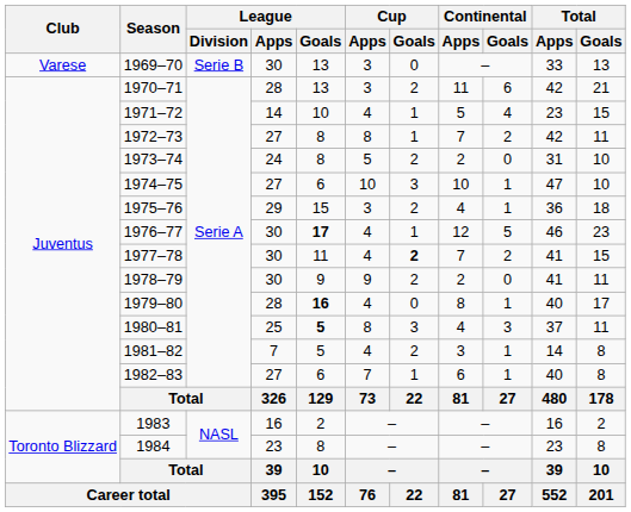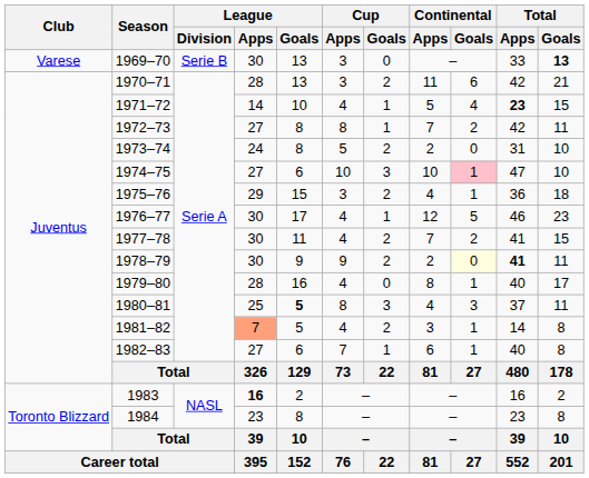 <table class="wikitable" style="text-align:center">
 <tr>
 <th rowspan="2">Club</th>
 <th rowspan="2">Season</th>
 <th colspan="3">League</th>
 <th colspan="2">Cup</th>
 <th colspan="2">Continental</th>
 <th colspan="2">Total</th>
 </tr>
 <tr>
 <th>Division</th>
 <th>Apps</th>
 <th>Goals</th>
 <th>Apps</th>
 <th>Goals</th>
 <th>Apps</th>
 <th>Goals</th>
 <th>Apps</th>
 <th>Goals</th>
 </tr>
 <tr>
 <td><a href='#'>Varese</a></td>
 <td>1969–70</td>
 <td><a href='#'>Serie B</a></td>
 <td>30</td>
 <td>13</td>
 <td>3</td>
 <td>0</td>
 <td colspan="2">–</td>
 <td>33</td>
-<td>13</td>
+<td><strong>13</strong></td>
 </tr>
 <tr>
 <td rowspan="14"><a href='#'>Juventus</a></td>
 <td>1970–71</td>
 <td rowspan="13"><a href='#'>Serie A</a></td>
 <td>28</td>
 <td>13</td>
 <td>3</td>
 <td>2</td>
 <td>11</td>
 <td>6</td>
 <td>42</td>
 <td>21</td>
 </tr>
 <tr>
 <td>1971–72</td>
 <td>14</td>
 <td>10</td>
 <td>4</td>
 <td>1</td>
 <td>5</td>
 <td>4</td>
-<td>23</td>
+<td><strong>23</strong></td>
 <td>15</td>
 </tr>
 <tr>
 <td>1972–73</td>
 <td>27</td>
 <td>8</td>
 <td>8</td>
 <td>1</td>
 <td>7</td>
 <td>2</td>
 <td>42</td>
 <td>11</td>
 </tr>
 <tr>
 <td>1973–74</td>
 <td>24</td>
 <td>8</td>
 <td>5</td>
 <td>2</td>
 <td>2</td>
 <td>0</td>
 <td>31</td>
 <td>10</td>
 </tr>
 <tr>
 <td>1974–75</td>
 <td>27</td>
 <td>6</td>
 <td>10</td>
 <td>3</td>
 <td>10</td>
-<td>1</td>
+<td style="background: pink;">1</td>
 <td>47</td>
 <td>10</td>
 </tr>
 <tr>
 <td>1975–76</td>
 <td>29</td>
 <td>15</td>
 <td>3</td>
 <td>2</td>
 <td>4</td>
 <td>1</td>
 <td>36</td>
 <td>18</td>
 </tr>
 <tr>
 <td>1976–77</td>
 <td>30</td>
-<td><strong>17</strong></td>
+<td>17</td>
 <td>4</td>
 <td>1</td>
 <td>12</td>
 <td>5</td>
 <td>46</td>
 <td>23</td>
 </tr>
 <tr>
 <td>1977–78</td>
 <td>30</td>
 <td>11</td>
 <td>4</td>
-<td><strong>2</strong></td>
+<td>2</td>
 <td>7</td>
 <td>2</td>
 <td>41</td>
 <td>15</td>
 </tr>
 <tr>
 <td>1978–79</td>
 <td>30</td>
 <td>9</td>
 <td>9</td>
 <td>2</td>
 <td>2</td>
-<td>0</td>
-<td>41</td>
+<td style="background: lightyellow;">0</td>
+<td><strong>41</strong></td>
 <td>11</td>
 </tr>
 <tr>
 <td>1979–80</td>
 <td>28</td>
-<td><strong>16</strong></td>
+<td>16</td>
 <td>4</td>
 <td>0</td>
 <td>8</td>
 <td>1</td>
 <td>40</td>
 <td>17</td>
 </tr>
 <tr>
 <td>1980–81</td>
 <td>25</td>
 <td><strong>5</strong></td>
 <td>8</td>
 <td>3</td>
 <td>4</td>
 <td>3</td>
 <td>37</td>
 <td>11</td>
 </tr>
 <tr>
 <td>1981–82</td>
-<td>7</td>
+<td style="background: lightsalmon;">7</td>
 <td>5</td>
 <td>4</td>
 <td>2</td>
 <td>3</td>
 <td>1</td>
 <td>14</td>
 <td>8</td>
 </tr>
 <tr>
 <td>1982–83</td>
 <td>27</td>
 <td>6</td>
 <td>7</td>
 <td>1</td>
 <td>6</td>
 <td>1</td>
 <td>40</td>
 <td>8</td>
 </tr>
 <tr>
 <th colspan="2">Total</th>
 <th>326</th>
 <th>129</th>
 <th>73</th>
 <th>22</th>
 <th>81</th>
 <th>27</th>
 <th>480</th>
 <th>178</th>
 </tr>
 <tr>
 <td rowspan="3"><a href='#'>Toronto Blizzard</a></td>
 <td>1983</td>
 <td rowspan="2"><a href='#'>NASL</a></td>
-<td>16</td>
+<td><strong>16</strong></td>
 <td>2</td>
 <td colspan="2">–</td>
 <td colspan="2">–</td>
 <td>16</td>
 <td>2</td>
 </tr>
 <tr>
 <td>1984</td>
 <td>23</td>
 <td>8</td>
 <td colspan="2">–</td>
 <td colspan="2">–</td>
 <td>23</td>
 <td>8</td>
 </tr>
 <tr>
 <th colspan="2">Total</th>
 <th>39</th>
 <th>10</th>
 <th colspan="2">–</th>
 <th colspan="2">–</th>
 <th>39</th>
 <th>10</th>
 </tr>
 <tr>
 <th colspan="3">Career total</th>
 <th>395</th>
 <th>152</th>
 <th>76</th>
 <th>22</th>
 <th>81</th>
 <th>27</th>
 <th>552</th>
 <th>201</th>
 </tr>
 </table>
